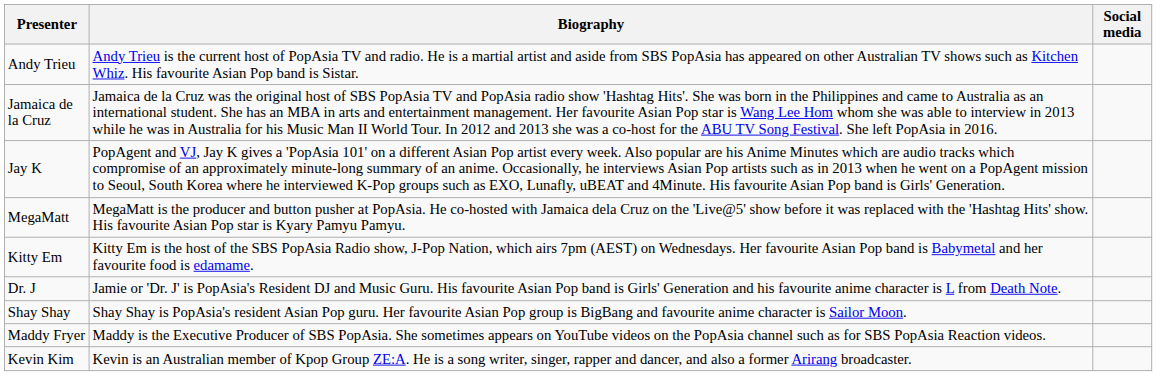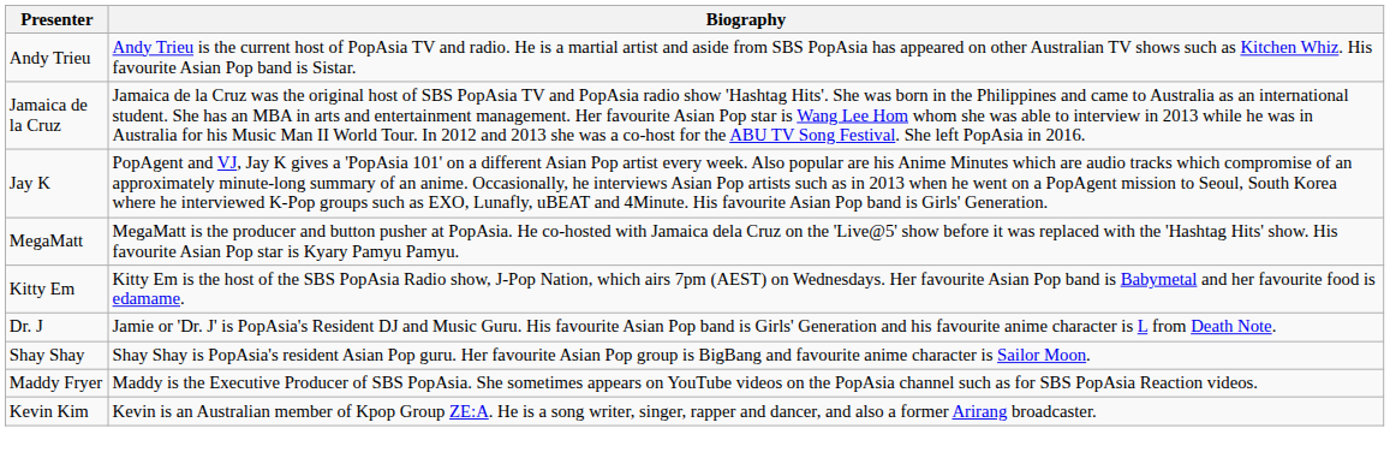 <table class="wikitable">
 <tr>
 <th>Presenter</th>
 <th>Biography</th>
-<th>Social media</th>
 </tr>
 <tr>
 <td>Andy Trieu</td>
 <td><a href='#'>Andy Trieu</a> is the current host of PopAsia TV and radio. He is a martial artist and aside from SBS PopAsia has appeared on other Australian TV shows such as <a href='#'>Kitchen Whiz</a>. His favourite Asian Pop band is Sistar.</td>
-<td><br></td>
 </tr>
 <tr>
 <td>Jamaica de la Cruz</td>
 <td>Jamaica de la Cruz was the original host of SBS PopAsia TV and PopAsia radio show 'Hashtag Hits'. She was born in the Philippines and came to Australia as an international student. She has an MBA in arts and entertainment management. Her favourite Asian Pop star is <a href='#'>Wang Lee Hom</a> whom she was able to interview in 2013 while he was in Australia for his Music Man II World Tour. In 2012 and 2013 she was a co-host for the <a href='#'>ABU TV Song Festival</a>. She left PopAsia in 2016.</td>
-<td><br> </td>
 </tr>
 <tr>
 <td>Jay K</td>
 <td>PopAgent and <a href='#'>VJ</a>, Jay K gives a 'PopAsia 101' on a different Asian Pop artist every week. Also popular are his Anime Minutes which are audio tracks which compromise of an approximately minute-long summary of an anime. Occasionally, he interviews Asian Pop artists such as in 2013 when he went on a PopAgent mission to Seoul, South Korea where he interviewed K-Pop groups such as EXO, Lunafly, uBEAT and 4Minute. His favourite Asian Pop band is Girls' Generation.</td>
-<td></td>
 </tr>
 <tr>
 <td>MegaMatt</td>
 <td>MegaMatt is the producer and button pusher at PopAsia. He co-hosted with Jamaica dela Cruz on the 'Live@5' show before it was replaced with the 'Hashtag Hits' show. His favourite Asian Pop star is Kyary Pamyu Pamyu.</td>
-<td><br></td>
 </tr>
 <tr>
 <td>Kitty Em</td>
 <td>Kitty Em is the host of the SBS PopAsia Radio show, J-Pop Nation, which airs 7pm (AEST) on Wednesdays. Her favourite Asian Pop band is <a href='#'>Babymetal</a> and her favourite food is <a href='#'>edamame</a>.</td>
-<td><br></td>
 </tr>
 <tr>
 <td>Dr. J</td>
 <td>Jamie or 'Dr. J' is PopAsia's Resident DJ and Music Guru. His favourite Asian Pop band is Girls' Generation and his favourite anime character is <a href='#'>L</a> from <a href='#'>Death Note</a>.</td>
-<td></td>
 </tr>
 <tr>
 <td>Shay Shay</td>
 <td>Shay Shay is PopAsia's resident Asian Pop guru. Her favourite Asian Pop group is BigBang and favourite anime character is <a href='#'>Sailor Moon</a>.<br></td>
-<td></td>
 </tr>
 <tr>
 <td>Maddy Fryer</td>
 <td>Maddy is the Executive Producer of SBS PopAsia. She sometimes appears on YouTube videos on the PopAsia channel such as for SBS PopAsia Reaction videos.</td>
-<td></td>
 </tr>
 <tr>
 <td>Kevin Kim</td>
 <td>Kevin is an Australian member of Kpop Group <a href='#'>ZE:A</a>. He is a song writer, singer, rapper and dancer, and also a former <a href='#'>Arirang</a> broadcaster.</td>
-<td><br></td>
 </tr>
 </table>
